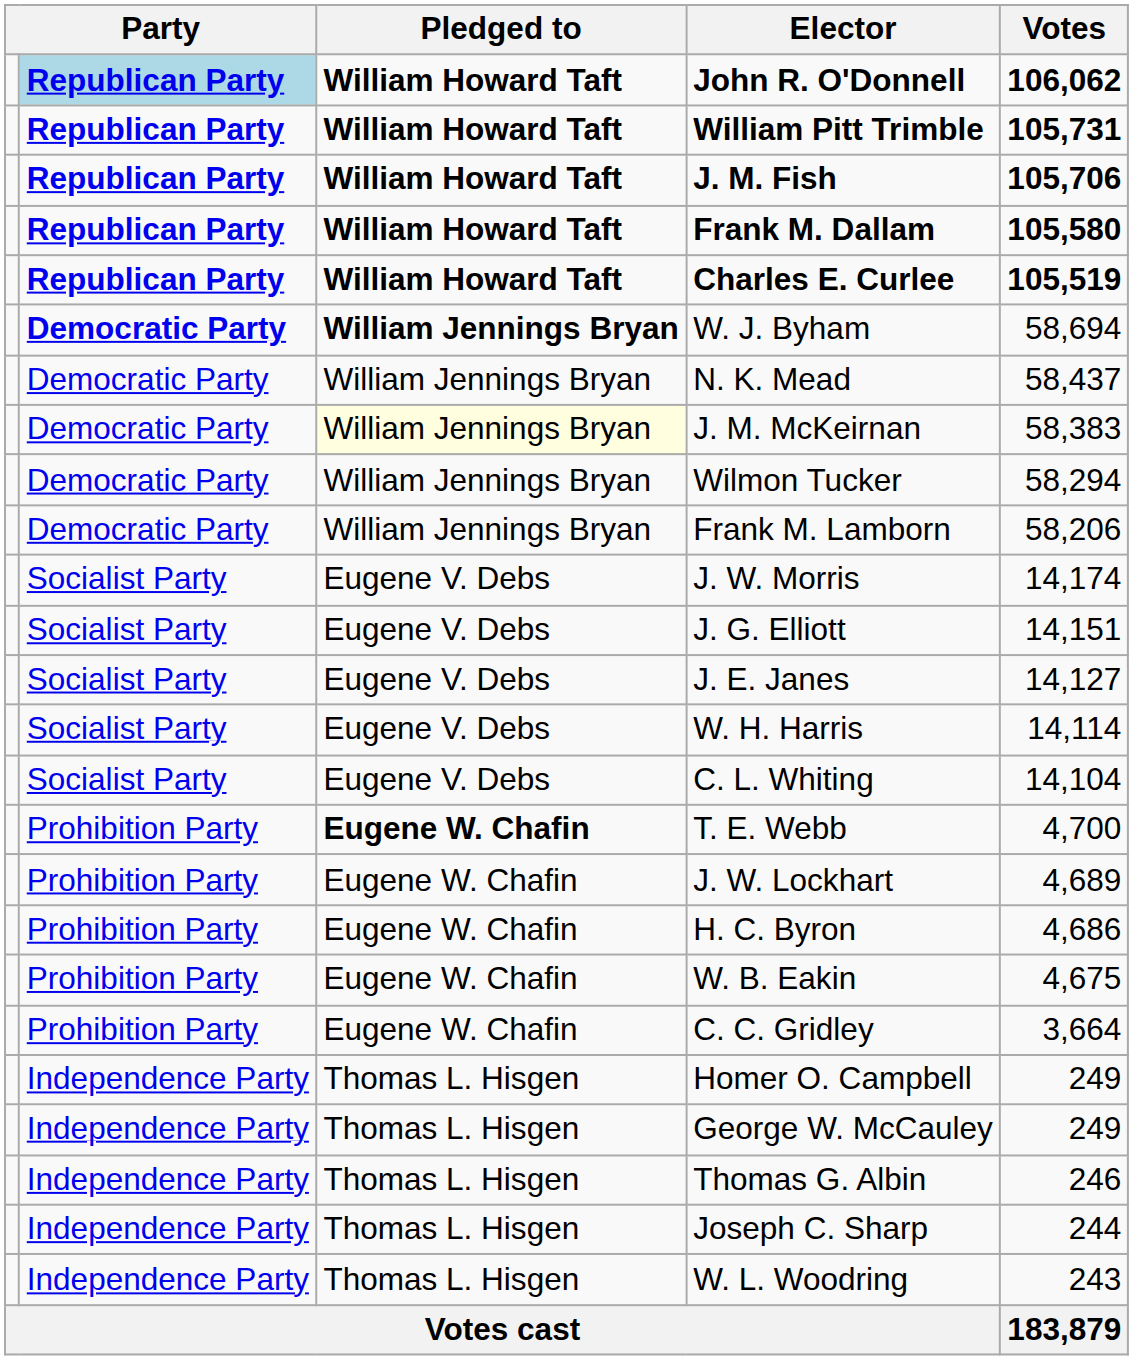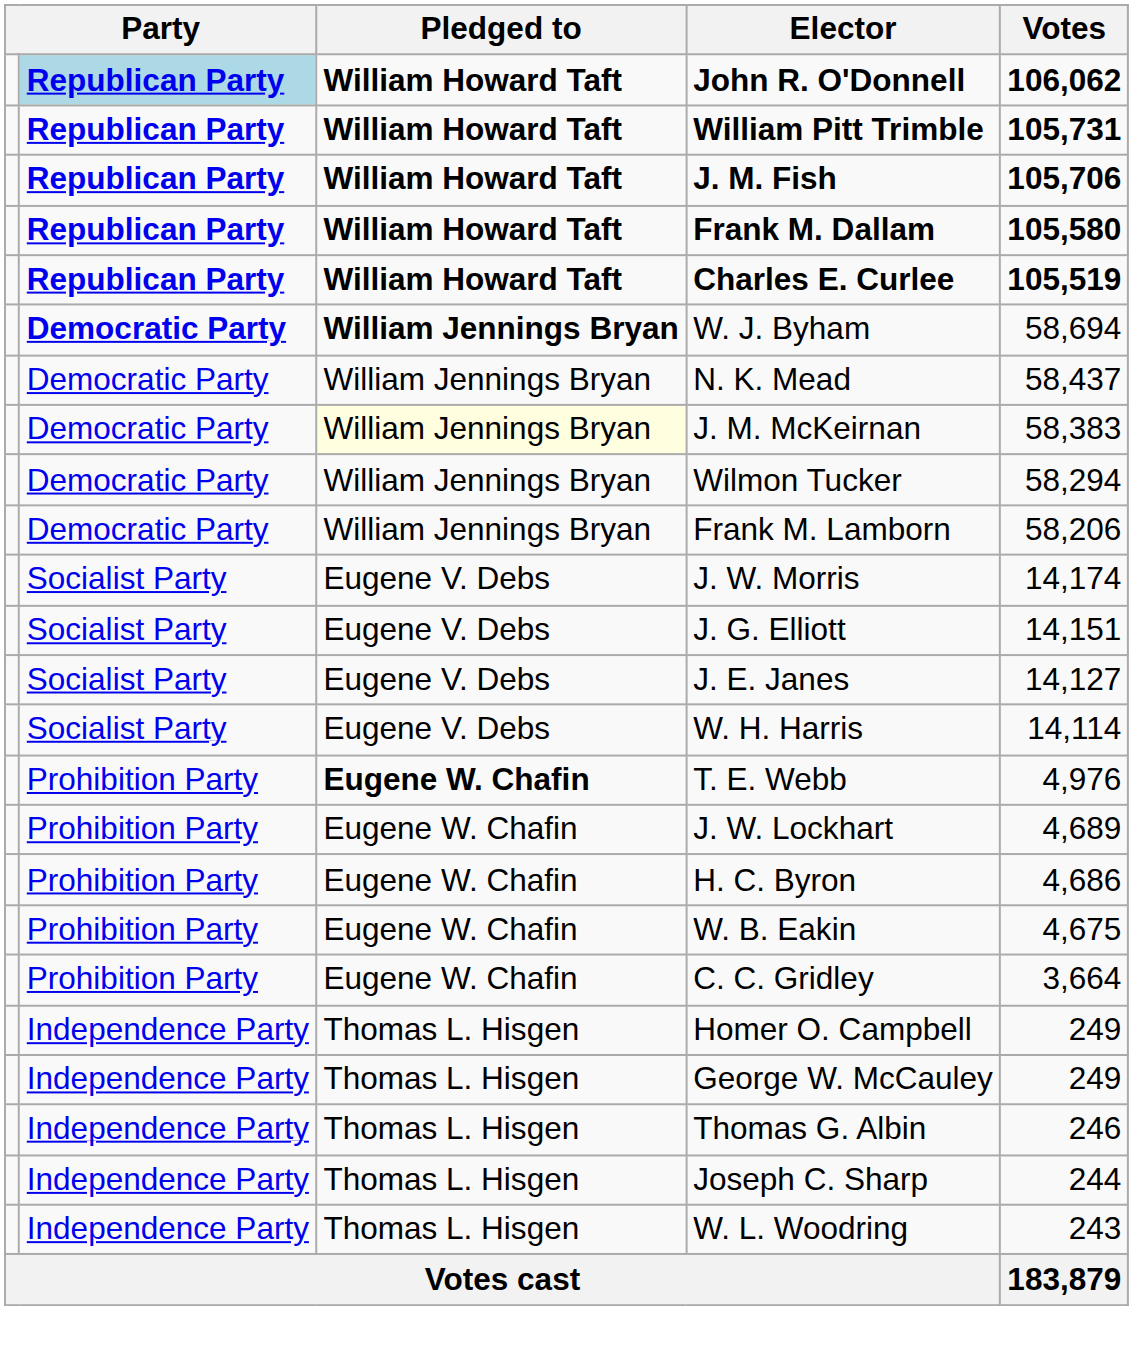 <table class="wikitable">
 <tr>
 <th colspan=2>Party</th>
 <th>Pledged to</th>
 <th>Elector</th>
 <th>Votes</th>
 </tr>
 <tr style="font-weight:bold">
 <td></td>
 <td style="background: lightblue;"><a href='#'>Republican Party</a></td>
 <td>William Howard Taft</td>
 <td>John R. O'Donnell</td>
 <td align="right">106,062</td>
 </tr>
 <tr style="font-weight:bold">
 <td></td>
 <td><a href='#'>Republican Party</a></td>
 <td>William Howard Taft</td>
 <td>William Pitt Trimble</td>
 <td align="right">105,731</td>
 </tr>
 <tr style="font-weight:bold">
 <td></td>
 <td><a href='#'>Republican Party</a></td>
 <td>William Howard Taft</td>
 <td>J. M. Fish</td>
 <td align="right">105,706</td>
 </tr>
 <tr style="font-weight:bold">
 <td></td>
 <td><a href='#'>Republican Party</a></td>
 <td>William Howard Taft</td>
 <td>Frank M. Dallam</td>
 <td align="right">105,580</td>
 </tr>
 <tr style="font-weight:bold">
 <td></td>
 <td><a href='#'>Republican Party</a></td>
 <td>William Howard Taft</td>
 <td>Charles E. Curlee</td>
 <td align="right">105,519</td>
 </tr>
 <tr>
 <td></td>
 <td><strong><a href='#'>Democratic Party</a></strong></td>
 <td><strong>William Jennings Bryan</strong></td>
 <td>W. J. Byham</td>
 <td align="right">58,694</td>
 </tr>
 <tr>
 <td></td>
 <td><a href='#'>Democratic Party</a></td>
 <td>William Jennings Bryan</td>
 <td>N. K. Mead</td>
 <td align="right">58,437</td>
 </tr>
 <tr>
 <td></td>
 <td><a href='#'>Democratic Party</a></td>
 <td style="background: lightyellow;">William Jennings Bryan</td>
 <td>J. M. McKeirnan</td>
 <td align="right">58,383</td>
 </tr>
 <tr>
 <td></td>
 <td><a href='#'>Democratic Party</a></td>
 <td>William Jennings Bryan</td>
 <td>Wilmon Tucker</td>
 <td align="right">58,294</td>
 </tr>
 <tr>
 <td></td>
 <td><a href='#'>Democratic Party</a></td>
 <td>William Jennings Bryan</td>
 <td>Frank M. Lamborn</td>
 <td align="right">58,206</td>
 </tr>
 <tr>
 <td></td>
 <td><a href='#'>Socialist Party</a></td>
 <td>Eugene V. Debs</td>
 <td>J. W. Morris</td>
 <td align="right">14,174</td>
 </tr>
 <tr>
 <td></td>
 <td><a href='#'>Socialist Party</a></td>
 <td>Eugene V. Debs</td>
 <td>J. G. Elliott</td>
 <td align="right">14,151</td>
 </tr>
 <tr>
 <td></td>
 <td><a href='#'>Socialist Party</a></td>
 <td>Eugene V. Debs</td>
 <td>J. E. Janes</td>
 <td align="right">14,127</td>
 </tr>
 <tr>
 <td></td>
 <td><a href='#'>Socialist Party</a></td>
 <td>Eugene V. Debs</td>
 <td>W. H. Harris</td>
 <td align="right">14,114</td>
 </tr>
 <tr>
 <td></td>
-<td><a href='#'>Socialist Party</a></td>
-<td>Eugene V. Debs</td>
-<td>C. L. Whiting</td>
-<td align="right">14,104</td>
-</tr>
-<tr>
-<td></td>
 <td><a href='#'>Prohibition Party</a></td>
 <td><strong>Eugene W. Chafin</strong></td>
 <td>T. E. Webb</td>
-<td align="right">4,700</td>
+<td align="right">4,976</td>
 </tr>
 <tr>
 <td></td>
 <td><a href='#'>Prohibition Party</a></td>
 <td>Eugene W. Chafin</td>
 <td>J. W. Lockhart</td>
 <td align="right">4,689</td>
 </tr>
 <tr>
 <td></td>
 <td><a href='#'>Prohibition Party</a></td>
 <td>Eugene W. Chafin</td>
 <td>H. C. Byron</td>
 <td align="right">4,686</td>
 </tr>
 <tr>
 <td></td>
 <td><a href='#'>Prohibition Party</a></td>
 <td>Eugene W. Chafin</td>
 <td>W. B. Eakin</td>
 <td align="right">4,675</td>
 </tr>
 <tr>
 <td></td>
 <td><a href='#'>Prohibition Party</a></td>
 <td>Eugene W. Chafin</td>
 <td>C. C. Gridley</td>
 <td align="right">3,664</td>
 </tr>
 <tr>
 <td></td>
 <td><a href='#'>Independence Party</a></td>
 <td>Thomas L. Hisgen</td>
 <td>Homer O. Campbell</td>
 <td align="right">249</td>
 </tr>
 <tr>
 <td></td>
 <td><a href='#'>Independence Party</a></td>
 <td>Thomas L. Hisgen</td>
 <td>George W. McCauley</td>
 <td align="right">249</td>
 </tr>
 <tr>
 <td></td>
 <td><a href='#'>Independence Party</a></td>
 <td>Thomas L. Hisgen</td>
 <td>Thomas G. Albin</td>
 <td align="right">246</td>
 </tr>
 <tr>
 <td></td>
 <td><a href='#'>Independence Party</a></td>
 <td>Thomas L. Hisgen</td>
 <td>Joseph C. Sharp</td>
 <td align="right">244</td>
 </tr>
 <tr>
 <td></td>
 <td><a href='#'>Independence Party</a></td>
 <td>Thomas L. Hisgen</td>
 <td>W. L. Woodring</td>
 <td align="right">243</td>
 </tr>
 <tr>
 <th colspan="4">Votes cast</th>
 <th>183,879</th>
 </tr>
 </table>
